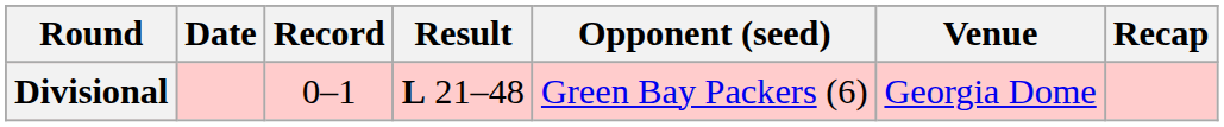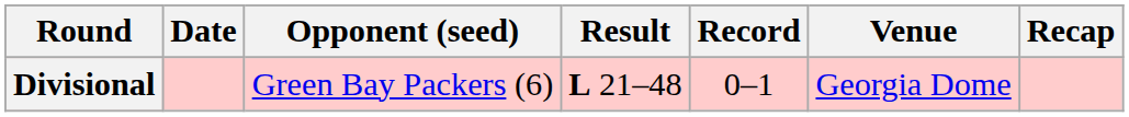 <table class="wikitable" style="text-align:center">
 <tr>
 <th>Round</th>
 <th>Date</th>
+<th>Opponent (seed)</th>
+<th>Result</th>
 <th>Record</th>
-<th>Result</th>
-<th>Opponent (seed)</th>
 <th>Venue</th>
 <th>Recap</th>
 </tr>
 <tr style="background:#fcc;">
 <th>Divisional</th>
 <td></td>
+<td><a href='#'>Green Bay Packers</a> (6)</td>
+<td><strong>L</strong> 21–48</td>
 <td>0–1</td>
-<td><strong>L</strong> 21–48</td>
-<td><a href='#'>Green Bay Packers</a> (6)</td>
 <td><a href='#'>Georgia Dome</a></td>
 <td></td>
 </tr>
 </table>
